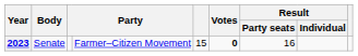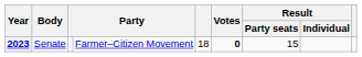 <table class="wikitable plainrowheaders sortable" border=2 cellpadding=4 cellspacing=0 style="border: 1px #aaa solid; font-size: 90%; text-align:center;">
 <tr>
 <th scope="col" rowspan=2>Year</th>
 <th scope="col" rowspan=2>Body</th>
 <th scope="col" colspan=2 rowspan=2>Party</th>
 <th scope="col" rowspan=2></th>
 <th scope="col" rowspan=2>Votes</th>
 <th scope="colgroup" colspan=2>Result</th>
 <th scope="col" rowspan=2 class="unsortable"></th>
 </tr>
 <tr>
 <th scope="col">Party seats</th>
 <th scope="col">Individual</th>
 </tr>
 <tr>
 <th scope="row"><a href='#'>2023</a></th>
 <td><a href='#'>Senate</a></td>
 <td style="background-color:"></td>
 <td><a href='#'>Farmer–Citizen Movement</a></td>
+<td style=text-align:right>18</td>
+<td style=text-align:right><strong>0</strong></td>
 <td style=text-align:right>15</td>
-<td style=text-align:right><strong>0</strong></td>
-<td style=text-align:right>16</td>
 <td></td>
 <td></td>
 </tr>
 </table>
